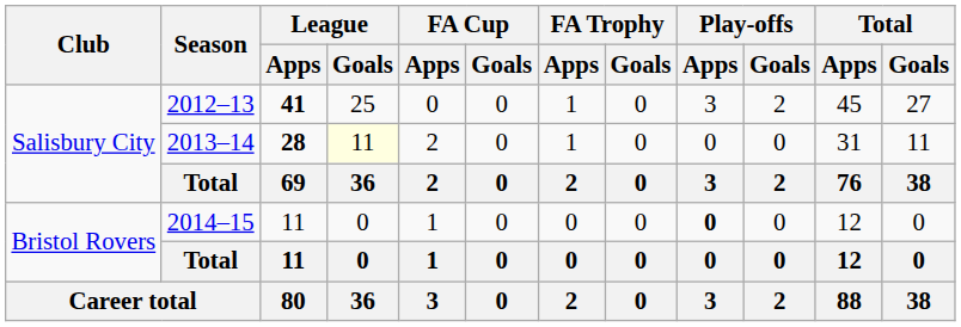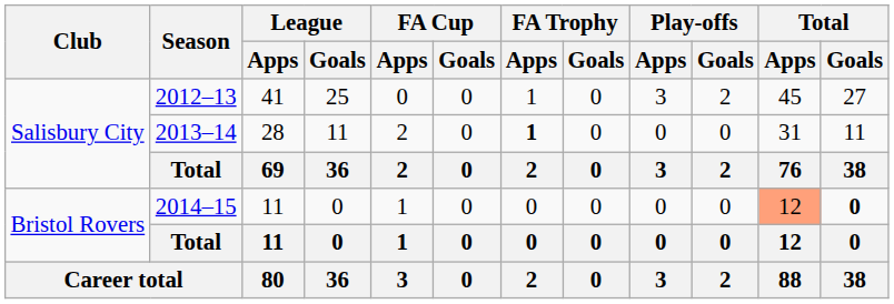 <table class="wikitable" style="text-align:center">
 <tr>
 <th rowspan=2>Club</th>
 <th rowspan=2>Season</th>
 <th colspan=2>League</th>
 <th colspan=2>FA Cup</th>
 <th colspan=2>FA Trophy</th>
 <th colspan=2>Play-offs</th>
 <th colspan=2>Total</th>
 </tr>
 <tr>
 <th>Apps</th>
 <th>Goals</th>
 <th>Apps</th>
 <th>Goals</th>
 <th>Apps</th>
 <th>Goals</th>
 <th>Apps</th>
 <th>Goals</th>
 <th>Apps</th>
 <th>Goals</th>
 </tr>
 <tr>
 <td rowspan=3 valign="center"><a href='#'>Salisbury City</a></td>
 <td><a href='#'>2012–13</a></td>
-<td><strong>41</strong></td>
+<td>41</td>
 <td>25</td>
 <td>0</td>
 <td>0</td>
 <td>1</td>
 <td>0</td>
 <td>3</td>
 <td>2</td>
 <td>45</td>
 <td>27</td>
 </tr>
 <tr>
 <td><a href='#'>2013–14</a></td>
-<td><strong>28</strong></td>
-<td style="background: lightyellow;">11</td>
+<td>28</td>
+<td>11</td>
 <td>2</td>
 <td>0</td>
-<td>1</td>
+<td><strong>1</strong></td>
 <td>0</td>
 <td>0</td>
 <td>0</td>
 <td>31</td>
 <td>11</td>
 </tr>
 <tr>
 <th>Total</th>
 <th>69</th>
 <th>36</th>
 <th>2</th>
 <th>0</th>
 <th>2</th>
 <th>0</th>
 <th>3</th>
 <th>2</th>
 <th>76</th>
 <th>38</th>
 </tr>
 <tr>
 <td rowspan=2 valign="center"><a href='#'>Bristol Rovers</a></td>
 <td><a href='#'>2014–15</a></td>
 <td>11</td>
 <td>0</td>
 <td>1</td>
 <td>0</td>
 <td>0</td>
 <td>0</td>
+<td>0</td>
+<td>0</td>
+<td style="background: lightsalmon;">12</td>
 <td><strong>0</strong></td>
-<td>0</td>
-<td>12</td>
-<td>0</td>
 </tr>
 <tr>
 <th>Total</th>
 <th>11</th>
 <th>0</th>
 <th>1</th>
 <th>0</th>
 <th>0</th>
 <th>0</th>
 <th>0</th>
 <th>0</th>
 <th>12</th>
 <th>0</th>
 </tr>
 <tr>
 <th colspan=2>Career total</th>
 <th>80</th>
 <th>36</th>
 <th>3</th>
 <th>0</th>
 <th>2</th>
 <th>0</th>
 <th>3</th>
 <th>2</th>
 <th>88</th>
 <th>38</th>
 </tr>
 </table>
